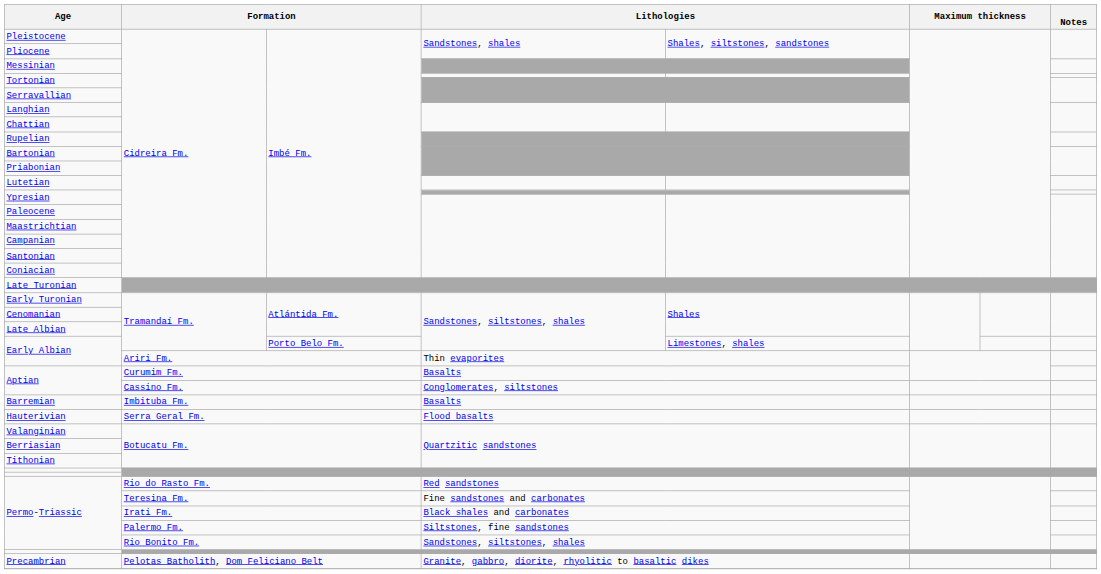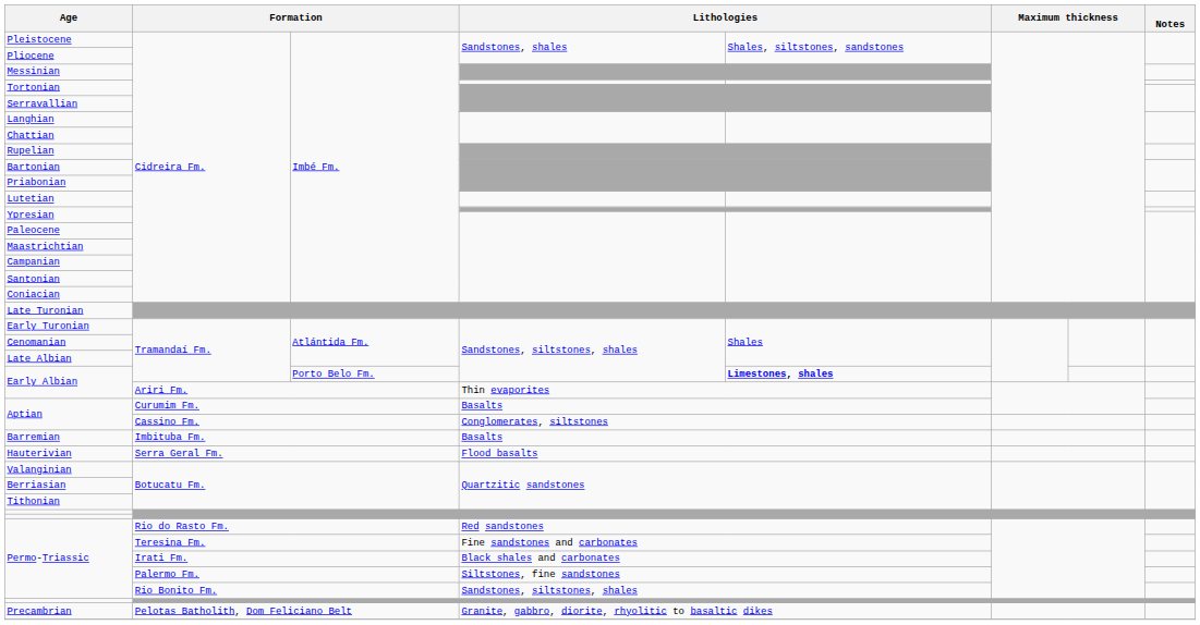 <table class="wikitable sortable mw-collapsible" width=100%>
 <tr>
 <th>Age</th>
 <th colspan=2>Formation</th>
 <th colspan=2>Lithologies</th>
 <th colspan=2>Maximum thickness</th>
 <th><br>Notes</th>
 </tr>
 <tr>
 <td style="background-color: "><a href='#'>Pleistocene</a></td>
 <td rowspan=23><a href='#'>Cidreira Fm.</a></td>
 <td rowspan=23><a href='#'>Imbé Fm.</a></td>
 <td rowspan=3><a href='#'>Sandstones</a>, <a href='#'>shales</a></td>
 <td rowspan=3><a href='#'>Shales</a>, <a href='#'>siltstones</a>, <a href='#'>sandstones</a></td>
 <td rowspan=23 colspan=2></td>
 <td rowspan=3></td>
 </tr>
 <tr>
 <td style="background-color: "><a href='#'>Pliocene</a></td>
 </tr>
 <tr>
 <td rowspan=2 style="background-color: "><a href='#'>Messinian</a></td>
 </tr>
 <tr>
 <td colspan=2 style="background-color: darkgrey;"></td>
 <td></td>
 </tr>
 <tr>
 <td rowspan=2 style="background-color: "><a href='#'>Tortonian</a></td>
 <td></td>
 <td></td>
 <td></td>
 </tr>
 <tr>
 <td rowspan=3 colspan=2 style="background-color: darkgrey;"></td>
 <td rowspan=3></td>
 </tr>
 <tr>
 <td style="background-color: "><a href='#'>Serravallian</a></td>
 </tr>
 <tr>
 <td rowspan=2 style="background-color: "><a href='#'>Langhian</a></td>
 </tr>
 <tr>
 <td rowspan=3></td>
 <td rowspan=3></td>
 <td rowspan=3></td>
 </tr>
 <tr>
 <td style="background-color: "><a href='#'>Chattian</a></td>
 </tr>
 <tr>
 <td rowspan=2 style="background-color: "><a href='#'>Rupelian</a></td>
 </tr>
 <tr>
 <td colspan=2 style="background-color: darkgrey;"></td>
 <td></td>
 </tr>
 <tr>
 <td style="background-color: "><a href='#'>Bartonian</a></td>
 <td rowspan=2 colspan=2 style="background-color: darkgrey;"></td>
 <td rowspan=2></td>
 </tr>
 <tr>
 <td style="background-color: "><a href='#'>Priabonian</a></td>
 </tr>
 <tr>
 <td style="background-color: "><a href='#'>Lutetian</a></td>
 <td></td>
 <td></td>
 <td></td>
 </tr>
 <tr>
 <td rowspan=2 style="background-color: "><a href='#'>Ypresian</a></td>
 <td colspan=2 style="background-color: darkgrey;"></td>
 <td></td>
 </tr>
 <tr>
 <td rowspan=7></td>
 <td rowspan=7></td>
 <td rowspan=7></td>
 </tr>
 <tr>
 <td style="background-color: "><a href='#'>Paleocene</a></td>
 </tr>
 <tr>
 <td style="background-color: "><a href='#'>Maastrichtian</a></td>
 </tr>
 <tr>
 <td style="background-color: "><a href='#'>Campanian</a></td>
 </tr>
 <tr>
 <td style="background-color: "><a href='#'>Santonian</a></td>
 </tr>
 <tr>
 <td style="background-color: "><a href='#'>Coniacian</a></td>
 </tr>
 <tr>
 <td rowspan=2 style="background-color: "><a href='#'>Late Turonian</a></td>
 </tr>
 <tr>
 <td colspan=7 style="background-color: darkgrey;"></td>
 </tr>
 <tr>
 <td style="background-color: "><a href='#'>Early Turonian</a></td>
 <td rowspan=4><a href='#'>Tramandaí Fm.</a></td>
 <td rowspan=3><a href='#'>Atlántida Fm.</a></td>
 <td rowspan=4><a href='#'>Sandstones</a>, <a href='#'>siltstones</a>, <a href='#'>shales</a></td>
 <td rowspan=3><a href='#'>Shales</a></td>
 <td rowspan=4></td>
 <td rowspan=3></td>
 <td rowspan=3></td>
 </tr>
 <tr>
 <td style="background-color: "><a href='#'>Cenomanian</a></td>
 </tr>
 <tr>
 <td style="background-color: "><a href='#'>Late Albian</a></td>
 </tr>
 <tr>
 <td rowspan=2 style="background-color: "><a href='#'>Early Albian</a></td>
 <td><a href='#'>Porto Belo Fm.</a></td>
-<td><a href='#'>Limestones</a>, <a href='#'>shales</a></td>
+<td><strong><a href='#'>Limestones</a>, <a href='#'>shales</a></strong></td>
 <td></td>
 <td></td>
 </tr>
 <tr>
 <td colspan=2><a href='#'>Ariri Fm.</a></td>
 <td colspan=2>Thin <a href='#'>evaporites</a></td>
 <td rowspan=2 colspan=2></td>
 <td></td>
 </tr>
 <tr>
 <td rowspan=3 style="background-color: "><a href='#'>Aptian</a></td>
 <td colspan=2><a href='#'>Curumim Fm.</a></td>
 <td colspan=2><a href='#'>Basalts</a></td>
 <td></td>
 </tr>
 <tr>
 <td colspan=2><a href='#'>Cassino Fm.</a></td>
 <td colspan=2><a href='#'>Conglomerates</a>, <a href='#'>siltstones</a></td>
 <td colspan=2></td>
 <td></td>
 </tr>
 <tr>
 <td colspan=2 rowspan=2><a href='#'>Imbituba Fm.</a></td>
 <td colspan=2 rowspan=2><a href='#'>Basalts</a></td>
 <td colspan=2 rowspan=2></td>
 <td rowspan=2></td>
 </tr>
 <tr>
 <td rowspan=2 style="background-color: "><a href='#'>Barremian</a></td>
 </tr>
 <tr>
 <td rowspan=3 colspan=2><a href='#'>Serra Geral Fm.</a></td>
 <td rowspan=3 colspan=2><a href='#'>Flood basalts</a></td>
 <td rowspan=3 colspan=2></td>
 <td rowspan=3></td>
 </tr>
 <tr>
 <td style="background-color: "><a href='#'>Hauterivian</a></td>
 </tr>
 <tr>
 <td rowspan=2 style="background-color: "><a href='#'>Valanginian</a></td>
 </tr>
 <tr>
 <td rowspan=3 colspan=2><a href='#'>Botucatu Fm.</a></td>
 <td rowspan=3 colspan=2><a href='#'>Quartzitic</a> <a href='#'>sandstones</a></td>
 <td rowspan=3 colspan=2></td>
 <td rowspan=3></td>
 </tr>
 <tr>
 <td style="background-color: "><a href='#'>Berriasian</a></td>
 </tr>
 <tr>
 <td style="background-color: "><a href='#'>Tithonian</a></td>
 </tr>
 <tr>
 <td style="background-color: "></td>
 <td colspan=7 rowspan=2 style="background-color: darkgrey;"></td>
 </tr>
 <tr>
 <td style="background-color: "></td>
 </tr>
 <tr>
 <td rowspan=5 style="background-color: "><a href='#'>Permo</a>-<a href='#'>Triassic</a></td>
 <td colspan=2><a href='#'>Rio do Rasto Fm.</a></td>
 <td colspan=2><a href='#'>Red</a> <a href='#'>sandstones</a></td>
 <td rowspan=5 colspan=2></td>
 <td></td>
 </tr>
 <tr>
 <td colspan=2><a href='#'>Teresina Fm.</a></td>
 <td colspan=2>Fine <a href='#'>sandstones</a> and <a href='#'>carbonates</a></td>
 <td></td>
 </tr>
 <tr>
 <td colspan=2><a href='#'>Irati Fm.</a></td>
 <td colspan=2><a href='#'>Black shales</a> and <a href='#'>carbonates</a></td>
 <td></td>
 </tr>
 <tr>
 <td colspan=2><a href='#'>Palermo Fm.</a></td>
 <td colspan=2><a href='#'>Siltstones</a>, fine <a href='#'>sandstones</a></td>
 <td></td>
 </tr>
 <tr>
 <td colspan=2><a href='#'>Rio Bonito Fm.</a></td>
 <td colspan=2><a href='#'>Sandstones</a>, <a href='#'>siltstones</a>, <a href='#'>shales</a></td>
 <td></td>
 </tr>
 <tr>
 <td style="background-color: "></td>
 <td colspan=7 style="background-color: darkgrey;"></td>
 </tr>
 <tr>
 <td style="background-color: "><a href='#'>Precambrian</a></td>
 <td colspan=2><a href='#'>Pelotas Batholith</a>, <a href='#'>Dom Feliciano Belt</a></td>
 <td colspan=2><a href='#'>Granite</a>, <a href='#'>gabbro</a>, <a href='#'>diorite</a>, <a href='#'>rhyolitic</a> to <a href='#'>basaltic</a> <a href='#'>dikes</a></td>
 <td colspan=2></td>
 <td></td>
 </tr>
 <tr>
 </tr>
 </table>
